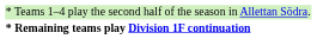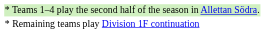 <table>
 <tr style="background: #D0F0C0;">
 <td>* Teams 1–4 play the second half of the season in <a href='#'>Allettan Södra</a>.</td>
 </tr>
 <tr>
-<td><strong>* Remaining teams play <a href='#'>Division 1F continuation</a></strong></td>
+<td>* Remaining teams play <a href='#'>Division 1F continuation</a></td>
 </tr>
 </table>
